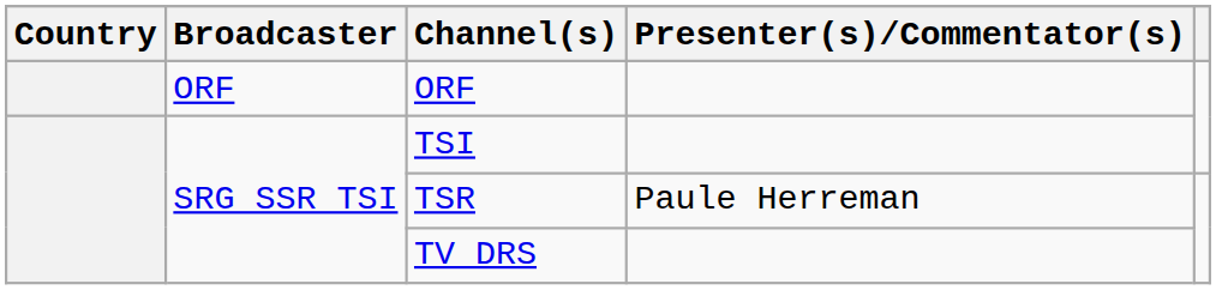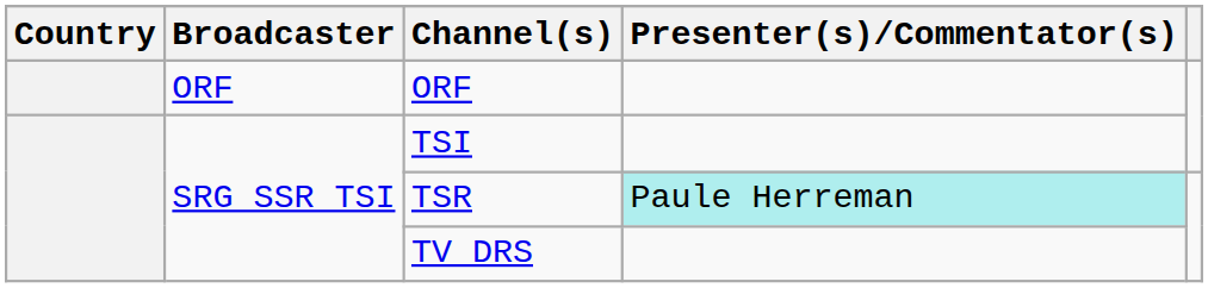 <table class="wikitable plainrowheaders">
 <tr>
 </tr>
 <tr>
 <th scope="col">Country</th>
 <th scope="col">Broadcaster</th>
 <th scope="col">Channel(s)</th>
 <th scope="col">Presenter(s)/Commentator(s)</th>
 <th scope="col"></th>
 </tr>
 <tr>
 <th scope="row"></th>
 <td><a href='#'>ORF</a></td>
 <td><a href='#'>ORF</a></td>
 <td></td>
 <td rowspan="2"></td>
 </tr>
 <tr>
 <th scope="rowgroup" rowspan="3"></th>
 <td rowspan="3"><a href='#'>SRG SSR TSI</a></td>
 <td><a href='#'>TSI</a></td>
 <td></td>
 </tr>
 <tr>
 <td><a href='#'>TSR</a></td>
-<td>Paule Herreman</td>
+<td style="background: paleturquoise;">Paule Herreman</td>
 <td rowspan="2"></td>
 </tr>
 <tr>
 <td><a href='#'>TV DRS</a></td>
 <td></td>
 </tr>
 </table>
